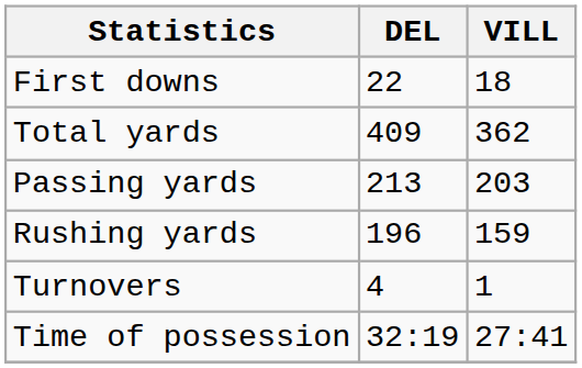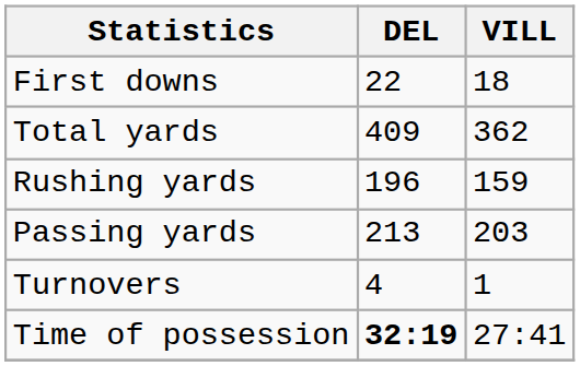 <table class="wikitable" style="float: left;">
 <tr>
 <th>Statistics</th>
 <th>DEL</th>
 <th>VILL</th>
 </tr>
 <tr>
 <td>First downs</td>
 <td>22</td>
 <td>18</td>
 </tr>
 <tr>
 <td>Total yards</td>
 <td>409</td>
 <td>362</td>
 </tr>
 <tr>
+<td>Rushing yards</td>
+<td>196</td>
+<td>159</td>
+</tr>
+<tr>
 <td>Passing yards</td>
 <td>213</td>
 <td>203</td>
-</tr>
-<tr>
-<td>Rushing yards</td>
-<td>196</td>
-<td>159</td>
 </tr>
 <tr>
 <td>Turnovers</td>
 <td>4</td>
 <td>1</td>
 </tr>
 <tr>
 <td>Time of possession</td>
-<td>32:19</td>
+<td><strong>32:19</strong></td>
 <td>27:41</td>
 </tr>
 <tr>
 </tr>
 </table>
